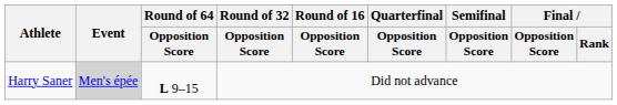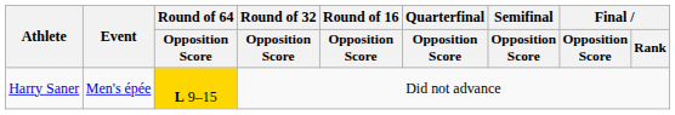 <table class="wikitable" style="font-size:90%">
 <tr>
 <th rowspan="2">Athlete</th>
 <th rowspan="2">Event</th>
 <th>Round of 64</th>
 <th>Round of 32</th>
 <th>Round of 16</th>
 <th>Quarterfinal</th>
 <th>Semifinal</th>
 <th colspan=2>Final / </th>
 </tr>
 <tr style="font-size:95%">
 <th>Opposition <br> Score</th>
 <th>Opposition <br> Score</th>
 <th>Opposition <br> Score</th>
 <th>Opposition <br> Score</th>
 <th>Opposition <br> Score</th>
 <th>Opposition <br> Score</th>
 <th>Rank</th>
 </tr>
 <tr align=center>
 <td align=left><a href='#'>Harry Saner</a></td>
-<td align=left style="background: lightgrey;"><a href='#'>Men's épée</a></td>
-<td><br><strong>L</strong> 9–15</td>
+<td align=left><a href='#'>Men's épée</a></td>
+<td style="background: gold;"><br><strong>L</strong> 9–15</td>
 <td colspan="6">Did not advance</td>
 </tr>
 </table>
